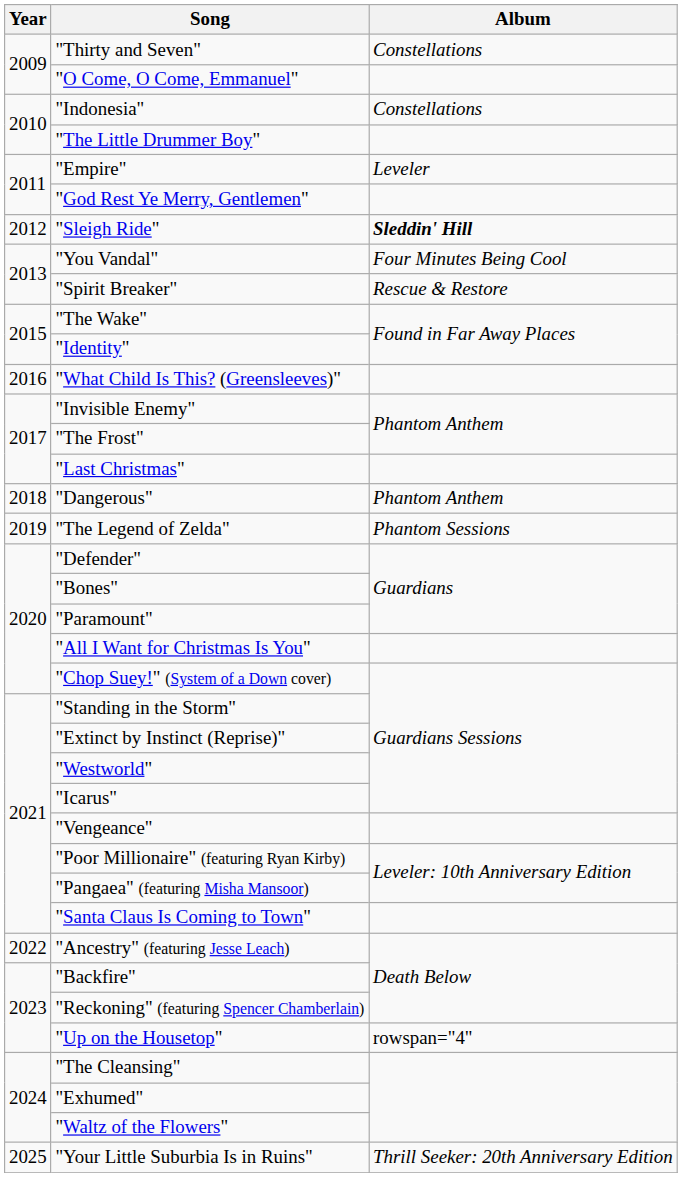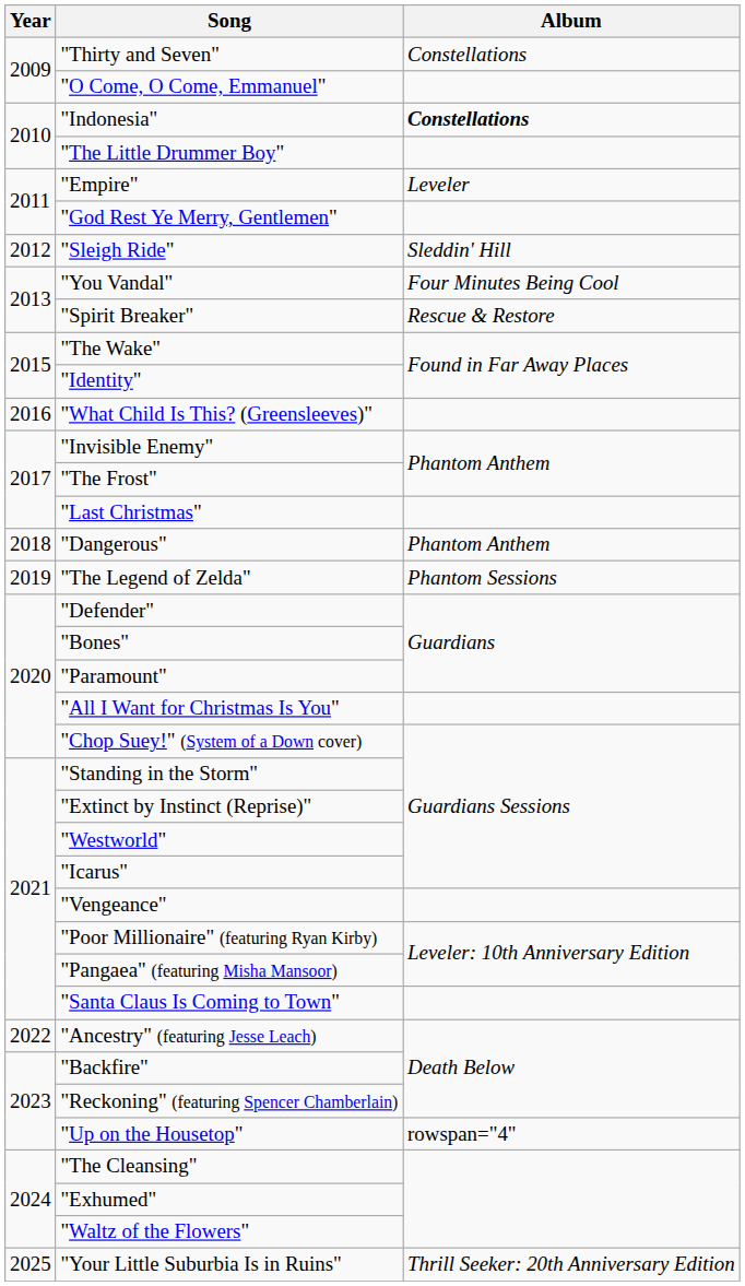 <table class=wikitable>
 <tr>
 <th>Year</th>
 <th>Song</th>
 <th>Album</th>
 </tr>
 <tr>
 <td rowspan="2">2009</td>
 <td>"Thirty and Seven"</td>
 <td><em>Constellations</em></td>
 </tr>
 <tr>
 <td>"<a href='#'>O Come, O Come, Emmanuel</a>"</td>
 <td></td>
 </tr>
 <tr>
 <td rowspan="2">2010</td>
 <td>"Indonesia"</td>
-<td><em>Constellations</em></td>
+<td><strong><em>Constellations</em></strong></td>
 </tr>
 <tr>
 <td>"<a href='#'>The Little Drummer Boy</a>"</td>
 <td></td>
 </tr>
 <tr>
 <td rowspan="2">2011</td>
 <td>"Empire"</td>
 <td><em>Leveler</em></td>
 </tr>
 <tr>
 <td>"<a href='#'>God Rest Ye Merry, Gentlemen</a>"</td>
 <td></td>
 </tr>
 <tr>
 <td>2012</td>
 <td>"<a href='#'>Sleigh Ride</a>"</td>
-<td><strong><em>Sleddin' Hill</em></strong></td>
+<td><em>Sleddin' Hill</em></td>
 </tr>
 <tr>
 <td rowspan="2">2013</td>
 <td>"You Vandal" </td>
 <td><em>Four Minutes Being Cool</em></td>
 </tr>
 <tr>
 <td>"Spirit Breaker"</td>
 <td><em>Rescue & Restore</em></td>
 </tr>
 <tr>
 <td rowspan="2">2015</td>
 <td>"The Wake"</td>
 <td rowspan="2"><em>Found in Far Away Places</em></td>
 </tr>
 <tr>
 <td>"<a href='#'>Identity</a>"</td>
 </tr>
 <tr>
 <td>2016</td>
 <td>"<a href='#'>What Child Is This?</a> (<a href='#'>Greensleeves</a>)"</td>
 <td></td>
 </tr>
 <tr>
 <td rowspan="3">2017</td>
 <td>"Invisible Enemy"</td>
 <td rowspan="2"><em>Phantom Anthem</em></td>
 </tr>
 <tr>
 <td>"The Frost"</td>
 </tr>
 <tr>
 <td>"<a href='#'>Last Christmas</a>" </td>
 <td></td>
 </tr>
 <tr>
 <td>2018</td>
 <td>"Dangerous"</td>
 <td><em>Phantom Anthem</em></td>
 </tr>
 <tr>
 <td>2019</td>
 <td>"The Legend of Zelda"</td>
 <td><em>Phantom Sessions</em></td>
 </tr>
 <tr>
 <td rowspan="5">2020</td>
 <td>"Defender"</td>
 <td rowspan="3"><em>Guardians</em></td>
 </tr>
 <tr>
 <td>"Bones"</td>
 </tr>
 <tr>
 <td>"Paramount"</td>
 </tr>
 <tr>
 <td>"<a href='#'>All I Want for Christmas Is You</a>" </td>
 <td></td>
 </tr>
 <tr>
 <td>"<a href='#'>Chop Suey!</a>" <small>(<a href='#'>System of a Down</a> cover)</small></td>
 <td rowspan="5"><em>Guardians Sessions</em></td>
 </tr>
 <tr>
 <td rowspan="8">2021</td>
 <td>"Standing in the Storm"</td>
 </tr>
 <tr>
 <td>"Extinct by Instinct (Reprise)"</td>
 </tr>
 <tr>
 <td>"<a href='#'>Westworld</a>" </td>
 </tr>
 <tr>
 <td>"Icarus"</td>
 </tr>
 <tr>
 <td>"Vengeance"</td>
 <td></td>
 </tr>
 <tr>
 <td>"Poor Millionaire" <small>(featuring Ryan Kirby)</small></td>
 <td rowspan="2"><em>Leveler: 10th Anniversary Edition</em></td>
 </tr>
 <tr>
 <td>"Pangaea" <small>(featuring <a href='#'>Misha Mansoor</a>)</small></td>
 </tr>
 <tr>
 <td>"<a href='#'>Santa Claus Is Coming to Town</a>"</td>
 <td></td>
 </tr>
 <tr>
 <td>2022</td>
 <td>"Ancestry" <small>(featuring <a href='#'>Jesse Leach</a>)</small></td>
 <td rowspan="3"><em>Death Below</em></td>
 </tr>
 <tr>
 <td rowspan="3">2023</td>
 <td>"Backfire"</td>
 </tr>
 <tr>
 <td>"Reckoning" <small>(featuring <a href='#'>Spencer Chamberlain</a>)</small></td>
 </tr>
 <tr>
 <td>"<a href='#'>Up on the Housetop</a>"</td>
 <td>rowspan="4" </td>
 </tr>
 <tr>
 <td rowspan="3">2024</td>
 <td>"The Cleansing" </td>
 </tr>
 <tr>
 <td>"Exhumed"</td>
 </tr>
 <tr>
 <td>"<a href='#'>Waltz of the Flowers</a>"</td>
 </tr>
 <tr>
 <td>2025</td>
 <td>"Your Little Suburbia Is in Ruins" </td>
 <td><em>Thrill Seeker: 20th Anniversary Edition</em></td>
 </tr>
 </table>
